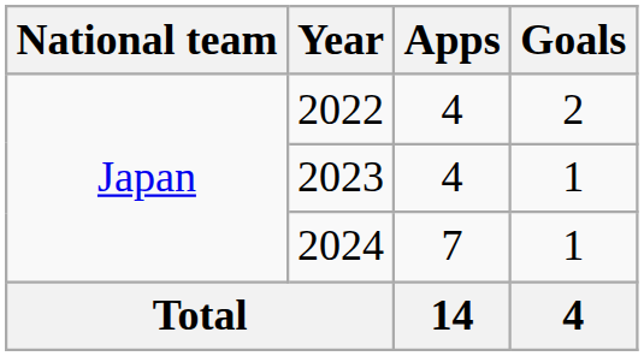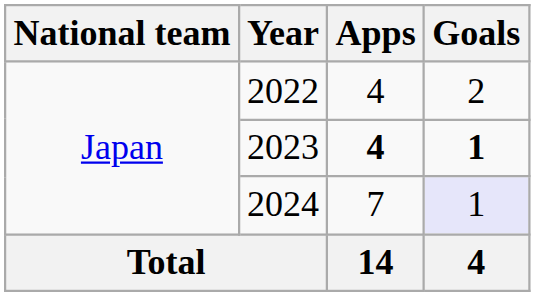 <table class="wikitable" style="text-align:center">
 <tr>
 <th>National team</th>
 <th>Year</th>
 <th>Apps</th>
 <th>Goals</th>
 </tr>
 <tr>
 <td rowspan="3"><a href='#'>Japan</a></td>
 <td>2022</td>
 <td>4</td>
 <td>2</td>
 </tr>
 <tr>
 <td>2023</td>
-<td>4</td>
-<td>1</td>
+<td><strong>4</strong></td>
+<td><strong>1</strong></td>
 </tr>
 <tr>
 <td>2024</td>
 <td>7</td>
-<td>1</td>
+<td style="background: lavender;">1</td>
 </tr>
 <tr>
 <th colspan="2">Total</th>
 <th>14</th>
 <th>4</th>
 </tr>
 </table>
